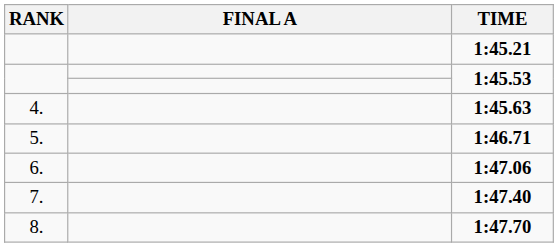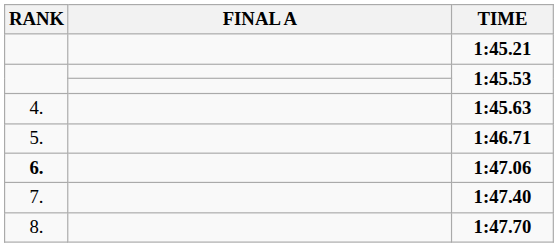 <table class="wikitable">
 <tr>
 <th>RANK</th>
 <th style="width: 20em">FINAL A</th>
 <th style="width: 5em">TIME</th>
 </tr>
 <tr>
 <td align="center"></td>
 <td></td>
 <td align="center"><strong>1:45.21</strong></td>
 </tr>
 <tr>
 <td rowspan=2 align="center"></td>
 <td></td>
 <td rowspan=2 align="center"><strong>1:45.53</strong></td>
 </tr>
 <tr>
 <td></td>
 </tr>
 <tr>
 <td align="center">4.</td>
 <td></td>
 <td align="center"><strong>1:45.63</strong></td>
 </tr>
 <tr>
 <td align="center">5.</td>
 <td></td>
 <td align="center"><strong>1:46.71</strong></td>
 </tr>
 <tr>
-<td align="center">6.</td>
+<td align="center"><strong>6.</strong></td>
 <td></td>
 <td align="center"><strong>1:47.06</strong></td>
 </tr>
 <tr>
 <td align="center">7.</td>
 <td></td>
 <td align="center"><strong>1:47.40</strong></td>
 </tr>
 <tr>
 <td align="center">8.</td>
 <td></td>
 <td align="center"><strong>1:47.70</strong></td>
 </tr>
 </table>
